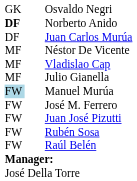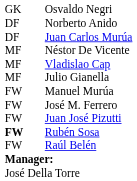 <table cellspacing="0" cellpadding="0" style="font-size:90%; margin:auto">
 <tr>
 <th width=25></th>
 <th width=25></th>
 </tr>
 <tr>
 <td>GK</td>
 <td></td>
 <td> Osvaldo Negri</td>
 </tr>
 <tr>
-<td><strong>DF</strong></td>
+<td>DF</td>
 <td></td>
 <td> Norberto Anido</td>
 </tr>
 <tr>
 <td>DF</td>
 <td></td>
 <td> <a href='#'>Juan Carlos Murúa</a></td>
 </tr>
 <tr>
 <td>MF</td>
 <td></td>
 <td> Néstor De Vicente</td>
 </tr>
 <tr>
 <td>MF</td>
 <td></td>
 <td> <a href='#'>Vladislao Cap</a></td>
 </tr>
 <tr>
 <td>MF</td>
 <td></td>
 <td> Julio Gianella</td>
 </tr>
 <tr>
-<td style="background: lightblue;">FW</td>
+<td>FW</td>
 <td></td>
 <td> Manuel Murúa</td>
 </tr>
 <tr>
 <td>FW</td>
 <td></td>
 <td> José M. Ferrero</td>
 </tr>
 <tr>
 <td>FW</td>
 <td></td>
 <td> <a href='#'>Juan José Pizutti</a></td>
 </tr>
 <tr>
-<td>FW</td>
+<td><strong>FW</strong></td>
 <td></td>
 <td> <a href='#'>Rubén Sosa</a></td>
 </tr>
 <tr>
 <td>FW</td>
 <td></td>
 <td> <a href='#'>Raúl Belén</a></td>
 </tr>
 <tr>
 <td colspan=4><strong>Manager:</strong></td>
 </tr>
 <tr>
 <td colspan="4"> José Della Torre</td>
 </tr>
 </table>
